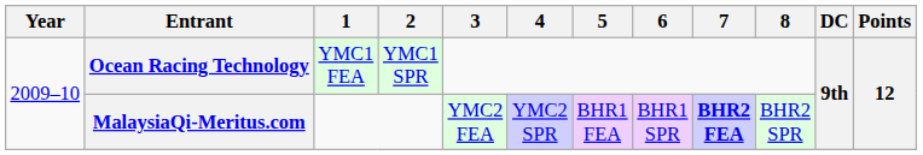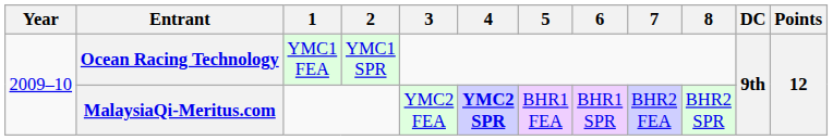 <table class="wikitable" style="text-align:center; font-size:85%">
 <tr>
 <th>Year</th>
 <th>Entrant</th>
 <th>1</th>
 <th>2</th>
 <th>3</th>
 <th>4</th>
 <th>5</th>
 <th>6</th>
 <th>7</th>
 <th>8</th>
 <th>DC</th>
 <th>Points</th>
 </tr>
 <tr>
 <td rowspan=2><a href='#'>2009–10</a></td>
 <th nowrap><a href='#'>Ocean Racing Technology</a></th>
 <td style="background:#DFFFDF;"><a href='#'>YMC1<br>FEA</a><br></td>
 <td style="background:#DFFFDF;"><a href='#'>YMC1<br>SPR</a><br></td>
 <td colspan=6></td>
 <th rowspan=2>9th</th>
 <th rowspan=2>12</th>
 </tr>
 <tr>
 <th nowrap><a href='#'>MalaysiaQi-Meritus.com</a></th>
 <td colspan=2></td>
 <td style="background:#DFFFDF;"><a href='#'>YMC2<br>FEA</a><br></td>
-<td style="background:#CFCFFF;"><a href='#'>YMC2<br>SPR</a><br></td>
+<td style="background:#CFCFFF;"><strong><a href='#'>YMC2<br>SPR</a><br></strong></td>
 <td style="background:#EFCFFF;"><a href='#'>BHR1<br>FEA</a><br></td>
 <td style="background:#EFCFFF;"><a href='#'>BHR1<br>SPR</a><br></td>
-<td style="background:#CFCFFF;"><strong><a href='#'>BHR2<br>FEA</a><br></strong></td>
+<td style="background:#CFCFFF;"><a href='#'>BHR2<br>FEA</a><br></td>
 <td style="background:#DFFFDF;"><a href='#'>BHR2<br>SPR</a><br></td>
 </tr>
 </table>
